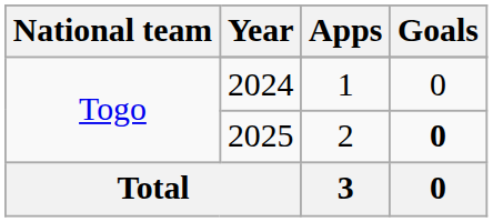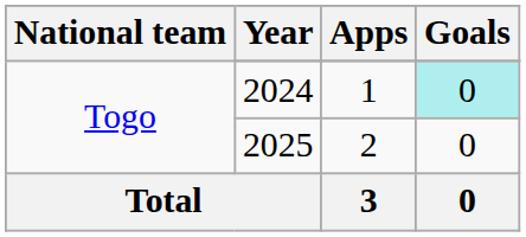 <table class="wikitable" style="text-align:center">
 <tr>
 <th>National team</th>
 <th>Year</th>
 <th>Apps</th>
 <th>Goals</th>
 </tr>
 <tr>
 <td rowspan="3"><a href='#'>Togo</a></td>
 </tr>
 <tr>
 <td>2024</td>
 <td>1</td>
-<td>0</td>
+<td style="background: paleturquoise;">0</td>
 </tr>
 <tr>
 <td>2025</td>
 <td>2</td>
-<td><strong>0</strong></td>
+<td>0</td>
 </tr>
 <tr>
 <th colspan=2>Total</th>
 <th>3</th>
 <th>0</th>
 </tr>
 </table>
